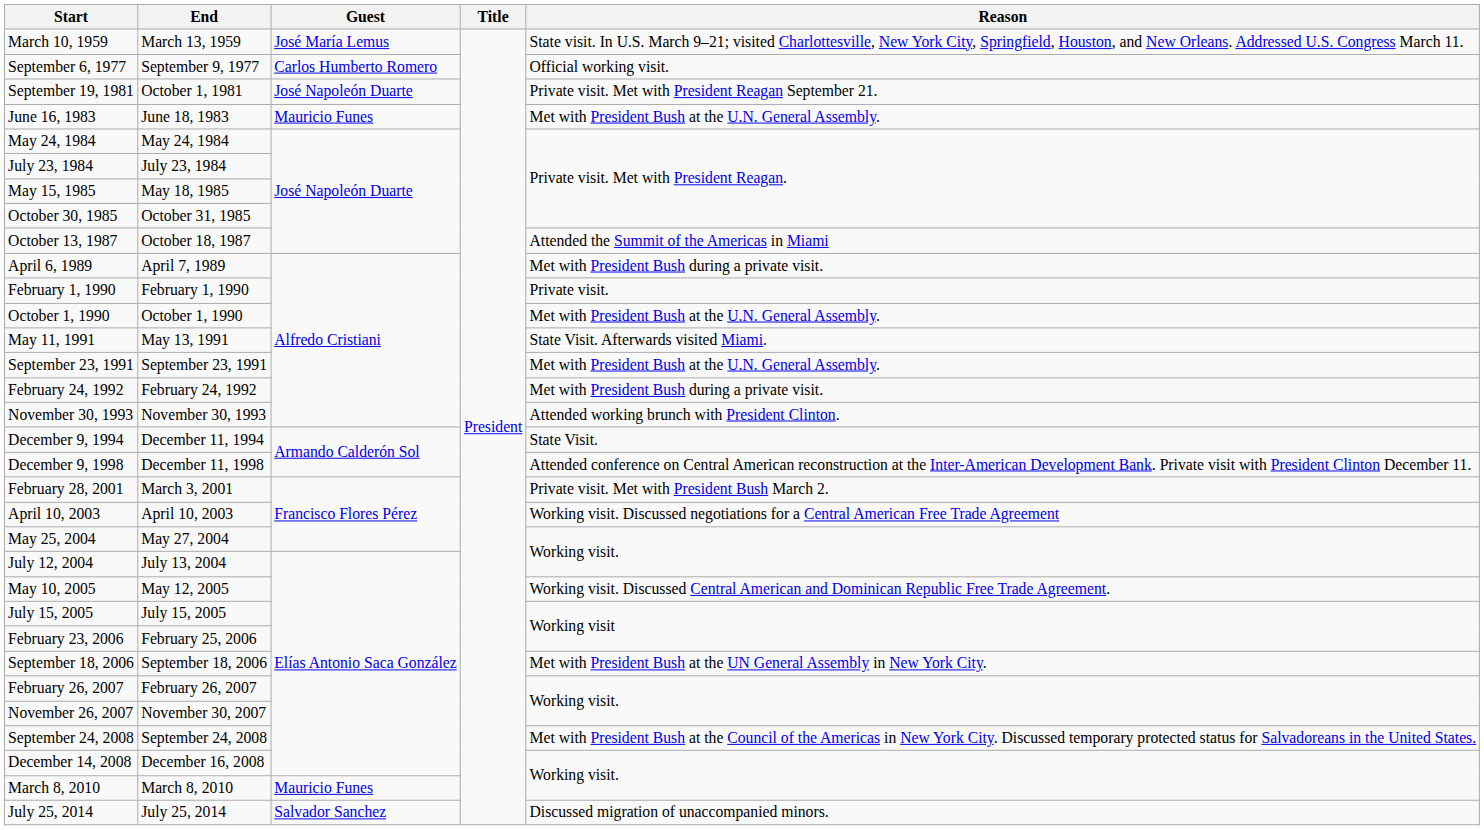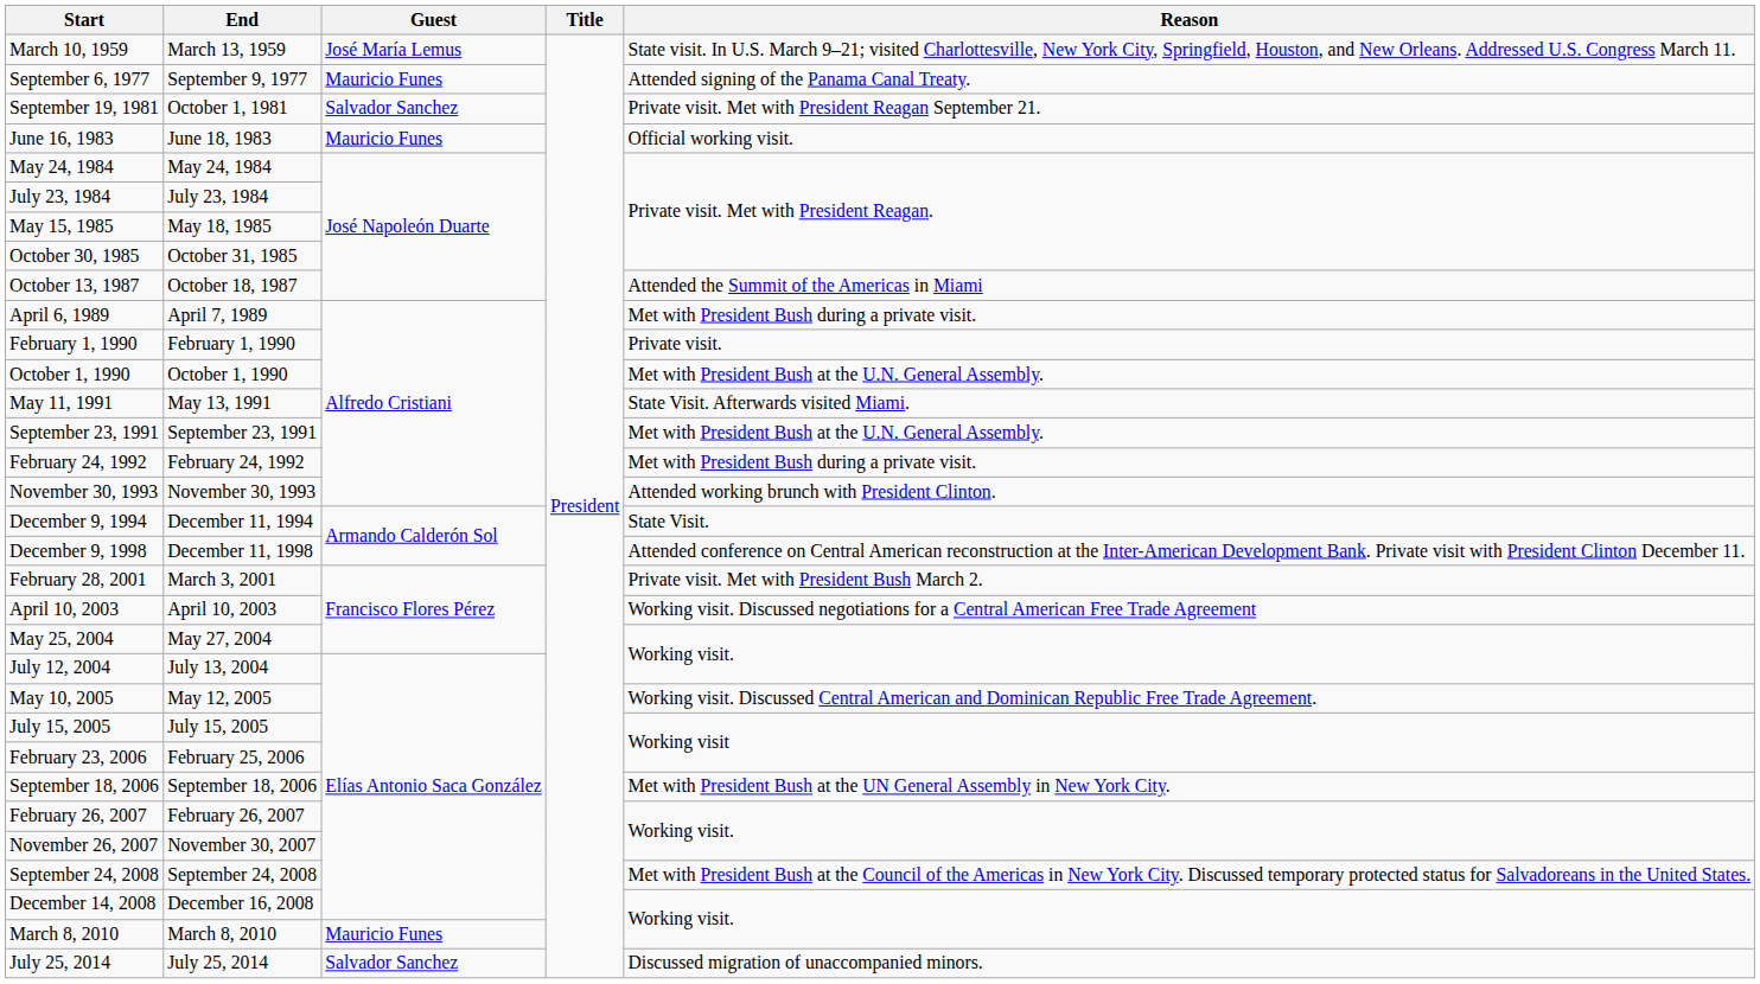 <table class="wikitable sortable">
 <tr>
 <th>Start</th>
 <th>End</th>
 <th>Guest</th>
 <th>Title</th>
 <th>Reason</th>
 </tr>
 <tr>
 <td>March 10, 1959</td>
 <td>March 13, 1959</td>
 <td><a href='#'>José María Lemus</a></td>
 <td rowspan=32><a href='#'>President</a></td>
 <td>State visit. In U.S. March 9–21; visited <a href='#'>Charlottesville</a>, <a href='#'>New York City</a>, <a href='#'>Springfield</a>, <a href='#'>Houston</a>, and <a href='#'>New Orleans</a>. <a href='#'>Addressed U.S. Congress</a> March 11.</td>
 </tr>
 <tr>
 <td>September 6, 1977</td>
 <td>September 9, 1977</td>
-<td><a href='#'>Carlos Humberto Romero</a></td>
-<td>Official working visit.</td>
+<td><a href='#'>Mauricio Funes</a></td>
+<td>Attended signing of the <a href='#'>Panama Canal Treaty</a>.</td>
 </tr>
 <tr>
 <td>September 19, 1981</td>
 <td>October 1, 1981</td>
-<td><a href='#'>José Napoleón Duarte</a></td>
+<td><a href='#'>Salvador Sanchez</a></td>
 <td>Private visit. Met with <a href='#'>President Reagan</a> September 21.</td>
 </tr>
 <tr>
 <td>June 16, 1983</td>
 <td>June 18, 1983</td>
 <td><a href='#'>Mauricio Funes</a></td>
-<td>Met with <a href='#'>President Bush</a> at the <a href='#'>U.N. General Assembly</a>.</td>
+<td>Official working visit.</td>
 </tr>
 <tr>
 <td>May 24, 1984</td>
 <td>May 24, 1984</td>
 <td rowspan=5><a href='#'>José Napoleón Duarte</a></td>
 <td rowspan=4>Private visit. Met with <a href='#'>President Reagan</a>.</td>
 </tr>
 <tr>
 <td>July 23, 1984</td>
 <td>July 23, 1984</td>
 </tr>
 <tr>
 <td>May 15, 1985</td>
 <td>May 18, 1985</td>
 </tr>
 <tr>
 <td>October 30, 1985</td>
 <td>October 31, 1985</td>
 </tr>
 <tr>
 <td>October 13, 1987</td>
 <td>October 18, 1987</td>
 <td>Attended the <a href='#'>Summit of the Americas</a> in <a href='#'>Miami</a></td>
 </tr>
 <tr>
 <td>April 6, 1989</td>
 <td>April 7, 1989</td>
 <td rowspan=7><a href='#'>Alfredo Cristiani</a></td>
 <td>Met with <a href='#'>President Bush</a> during a private visit.</td>
 </tr>
 <tr>
 <td>February 1, 1990</td>
 <td>February 1, 1990</td>
 <td>Private visit.</td>
 </tr>
 <tr>
 <td>October 1, 1990</td>
 <td>October 1, 1990</td>
 <td>Met with <a href='#'>President Bush</a> at the <a href='#'>U.N. General Assembly</a>.</td>
 </tr>
 <tr>
 <td>May 11, 1991</td>
 <td>May 13, 1991</td>
 <td>State Visit. Afterwards visited <a href='#'>Miami</a>.</td>
 </tr>
 <tr>
 <td>September 23, 1991</td>
 <td>September 23, 1991</td>
 <td>Met with <a href='#'>President Bush</a> at the <a href='#'>U.N. General Assembly</a>.</td>
 </tr>
 <tr>
 <td>February 24, 1992</td>
 <td>February 24, 1992</td>
 <td>Met with <a href='#'>President Bush</a> during a private visit.</td>
 </tr>
 <tr>
 <td>November 30, 1993</td>
 <td>November 30, 1993</td>
 <td>Attended working brunch with <a href='#'>President Clinton</a>.</td>
 </tr>
 <tr>
 <td>December 9, 1994</td>
 <td>December 11, 1994</td>
 <td rowspan=2><a href='#'>Armando Calderón Sol</a></td>
 <td>State Visit.</td>
 </tr>
 <tr>
 <td>December 9, 1998</td>
 <td>December 11, 1998</td>
 <td>Attended conference on Central American reconstruction at the <a href='#'>Inter-American Development Bank</a>. Private visit with <a href='#'>President Clinton</a> December 11.</td>
 </tr>
 <tr>
 <td>February 28, 2001</td>
 <td>March 3, 2001</td>
 <td rowspan=3><a href='#'>Francisco Flores Pérez</a></td>
 <td>Private visit. Met with <a href='#'>President Bush</a> March 2.</td>
 </tr>
 <tr>
 <td>April 10, 2003</td>
 <td>April 10, 2003</td>
 <td>Working visit. Discussed negotiations for a <a href='#'>Central American Free Trade Agreement</a></td>
 </tr>
 <tr>
 <td>May 25, 2004</td>
 <td>May 27, 2004</td>
 <td rowspan=2>Working visit.</td>
 </tr>
 <tr>
 <td>July 12, 2004</td>
 <td>July 13, 2004</td>
 <td rowspan=9><a href='#'>Elías Antonio Saca González</a></td>
 </tr>
 <tr>
 <td>May 10, 2005</td>
 <td>May 12, 2005</td>
 <td>Working visit. Discussed <a href='#'>Central American and Dominican Republic Free Trade Agreement</a>.</td>
 </tr>
 <tr>
 <td>July 15, 2005</td>
 <td>July 15, 2005</td>
 <td rowspan=2>Working visit</td>
 </tr>
 <tr>
 <td>February 23, 2006</td>
 <td>February 25, 2006</td>
 </tr>
 <tr>
 <td>September 18, 2006</td>
 <td>September 18, 2006</td>
 <td>Met with <a href='#'>President Bush</a> at the <a href='#'>UN General Assembly</a> in <a href='#'>New York City</a>.</td>
 </tr>
 <tr>
 <td>February 26, 2007</td>
 <td>February 26, 2007</td>
 <td rowspan=2>Working visit.</td>
 </tr>
 <tr>
 <td>November 26, 2007</td>
 <td>November 30, 2007</td>
 </tr>
 <tr>
 <td>September 24, 2008</td>
 <td>September 24, 2008</td>
 <td>Met with <a href='#'>President Bush</a> at the <a href='#'>Council of the Americas</a> in <a href='#'>New York City</a>. Discussed temporary protected status for <a href='#'>Salvadoreans in the United States.</a></td>
 </tr>
 <tr>
 <td>December 14, 2008</td>
 <td>December 16, 2008</td>
 <td rowspan=2>Working visit.</td>
 </tr>
 <tr>
 <td>March 8, 2010</td>
 <td>March 8, 2010</td>
 <td><a href='#'>Mauricio Funes</a></td>
 </tr>
 <tr>
 <td>July 25, 2014</td>
 <td>July 25, 2014</td>
 <td><a href='#'>Salvador Sanchez</a></td>
 <td>Discussed migration of unaccompanied minors.</td>
 </tr>
 </table>
